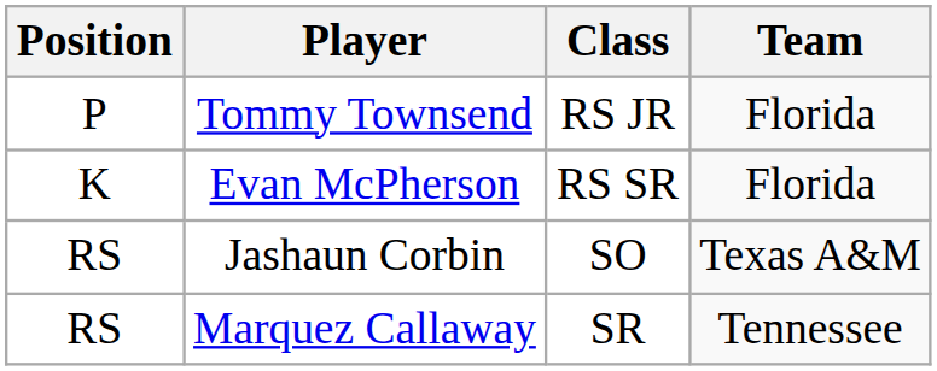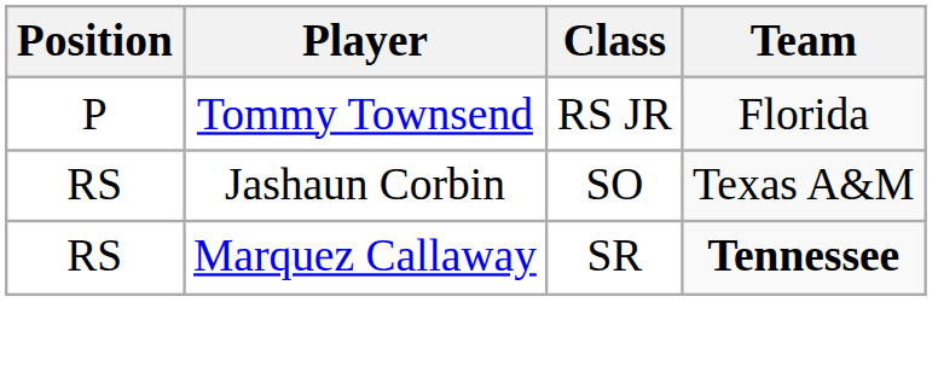 <table class="wikitable sortable">
 <tr>
 <th>Position</th>
 <th>Player</th>
 <th>Class</th>
 <th>Team</th>
 </tr>
 <tr style="text-align:center;">
 <td style="background:white">P</td>
 <td style="background:white"><a href='#'>Tommy Townsend</a></td>
 <td style="background:white">RS JR</td>
 <td>Florida</td>
 </tr>
 <tr style="text-align:center;">
-<td style="background:white">K</td>
-<td style="background:white"><a href='#'>Evan McPherson</a></td>
-<td style="background:white">RS SR</td>
-<td>Florida</td>
-</tr>
-<tr style="text-align:center;">
 <td style="background:white">RS</td>
 <td style="background:white">Jashaun Corbin</td>
 <td style="background:white">SO</td>
 <td>Texas A&M</td>
 </tr>
 <tr style="text-align:center;">
 <td style="background:white">RS</td>
 <td style="background:white"><a href='#'>Marquez Callaway</a></td>
 <td style="background:white">SR</td>
-<td>Tennessee</td>
+<td><strong>Tennessee</strong></td>
 </tr>
 </table>
